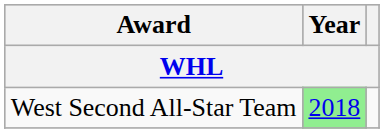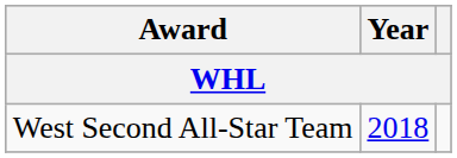 <table class="wikitable">
 <tr>
 <th>Award</th>
 <th>Year</th>
 <th></th>
 </tr>
 <tr>
 <th colspan="3"><a href='#'>WHL</a></th>
 </tr>
 <tr>
 <td>West Second All-Star Team</td>
-<td style="background: lightgreen;"><a href='#'>2018</a></td>
+<td><a href='#'>2018</a></td>
 <td></td>
 </tr>
 </table>
